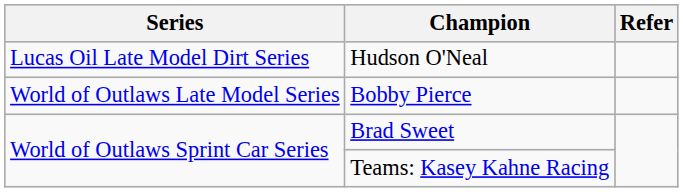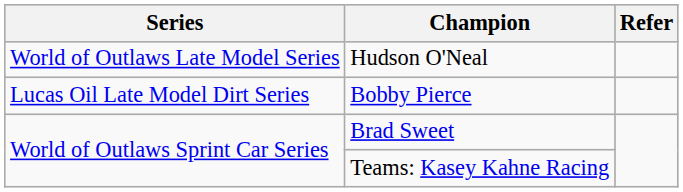 <table class="wikitable" style="font-size:87%;">
 <tr>
 <th>Series</th>
 <th>Champion</th>
 <th>Refer</th>
 </tr>
 <tr>
-<td><a href='#'>Lucas Oil Late Model Dirt Series</a></td>
+<td><a href='#'>World of Outlaws Late Model Series</a></td>
 <td> Hudson O'Neal</td>
 <td></td>
 </tr>
 <tr>
-<td><a href='#'>World of Outlaws Late Model Series</a></td>
+<td><a href='#'>Lucas Oil Late Model Dirt Series</a></td>
 <td> <a href='#'>Bobby Pierce</a></td>
 <td></td>
 </tr>
 <tr>
 <td rowspan=2><a href='#'>World of Outlaws Sprint Car Series</a></td>
 <td> <a href='#'>Brad Sweet</a></td>
 <td rowspan=2></td>
 </tr>
 <tr>
 <td>Teams:  <a href='#'>Kasey Kahne Racing</a></td>
 </tr>
 </table>
